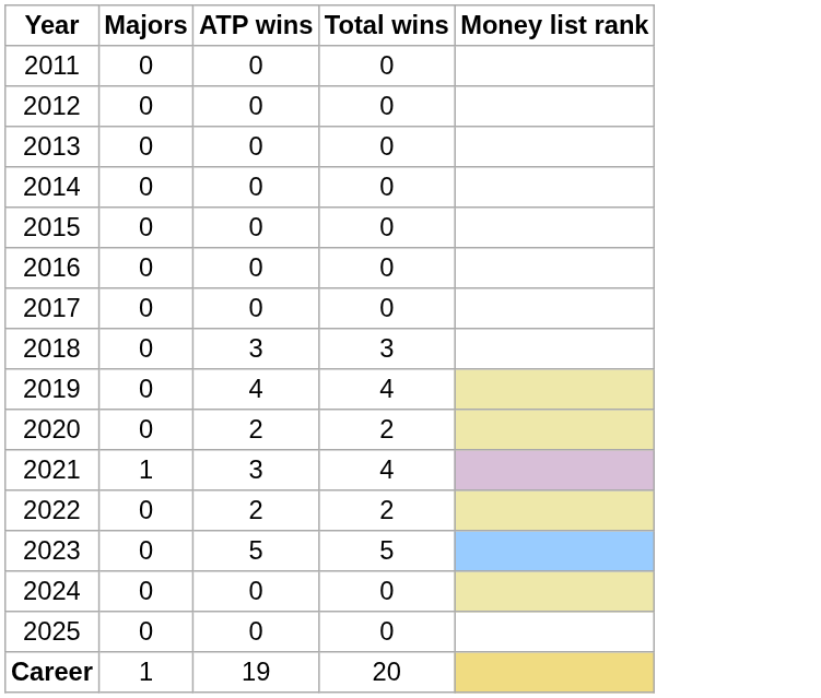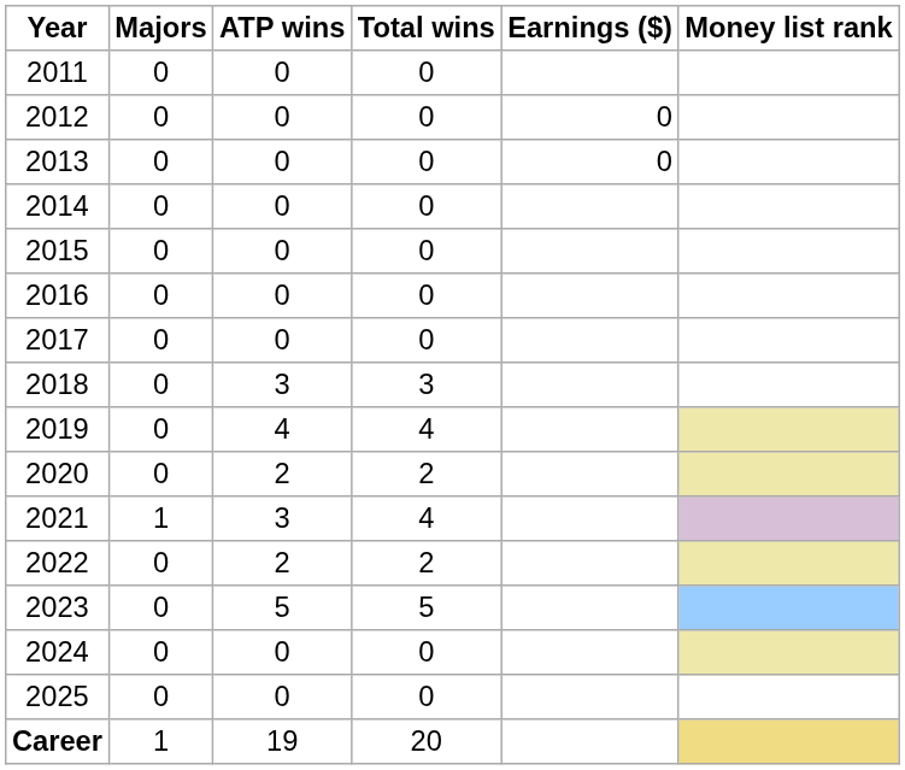 <table cellpadding=3 cellspacing=0 border=1 style=font-size:100%;border:#aaa;solid:1;border-collapse:collapse;text-align:center>
 <tr>
 <th>Year</th>
 <th>Majors</th>
 <th>ATP wins</th>
 <th>Total wins</th>
+<th>Earnings ($)</th>
 <th>Money list rank</th>
 </tr>
 <tr>
 <td>2011</td>
 <td>0</td>
 <td>0</td>
 <td>0</td>
+<td align=right> </td>
 <td></td>
 </tr>
 <tr>
 <td>2012</td>
 <td>0</td>
 <td>0</td>
 <td>0</td>
+<td align=right>0</td>
 <td></td>
 </tr>
 <tr>
 <td>2013</td>
 <td>0</td>
 <td>0</td>
 <td>0</td>
+<td align=right>0</td>
 <td></td>
 </tr>
 <tr>
 <td>2014</td>
 <td>0</td>
 <td>0</td>
 <td>0</td>
+<td align=right> </td>
 <td></td>
 </tr>
 <tr>
 <td>2015</td>
 <td>0</td>
 <td>0</td>
 <td>0</td>
+<td align=right> </td>
 <td></td>
 </tr>
 <tr>
 <td>2016</td>
 <td>0</td>
 <td>0</td>
 <td>0</td>
+<td align=right> </td>
 <td></td>
 </tr>
 <tr>
 <td>2017</td>
 <td>0</td>
 <td>0</td>
 <td>0</td>
+<td align=right> </td>
 <td></td>
 </tr>
 <tr>
 <td>2018</td>
 <td>0</td>
 <td>3</td>
 <td>3</td>
+<td align=right> </td>
 <td></td>
 </tr>
 <tr>
 <td>2019</td>
 <td>0</td>
 <td>4</td>
 <td>4</td>
+<td align=right> </td>
 <td style=background:#eee8aa></td>
 </tr>
 <tr>
 <td>2020</td>
 <td>0</td>
 <td>2</td>
 <td>2</td>
+<td align=right> </td>
 <td style=background:#eee8aa></td>
 </tr>
 <tr>
 <td>2021</td>
 <td>1</td>
 <td>3</td>
 <td>4</td>
+<td align=right> </td>
 <td style=background:thistle></td>
 </tr>
 <tr>
 <td>2022</td>
 <td>0</td>
 <td>2</td>
 <td>2</td>
+<td align=right> </td>
 <td style=background:#eee8aa></td>
 </tr>
 <tr>
 <td>2023</td>
 <td>0</td>
 <td>5</td>
 <td>5</td>
+<td align=right> </td>
 <td style=background:#99ccff;></td>
 </tr>
 <tr>
 <td>2024</td>
 <td>0</td>
 <td>0</td>
 <td>0</td>
+<td align=right></td>
 <td style=background:#eee8aa></td>
 </tr>
 <tr>
 <td>2025</td>
 <td>0</td>
 <td>0</td>
 <td>0</td>
+<td align=right></td>
 <td></td>
 </tr>
 <tr>
 <td><strong>Career</strong></td>
 <td>1</td>
 <td>19</td>
 <td>20</td>
+<td></td>
 <td bgcolor=f0dc82></td>
 </tr>
 </table>
